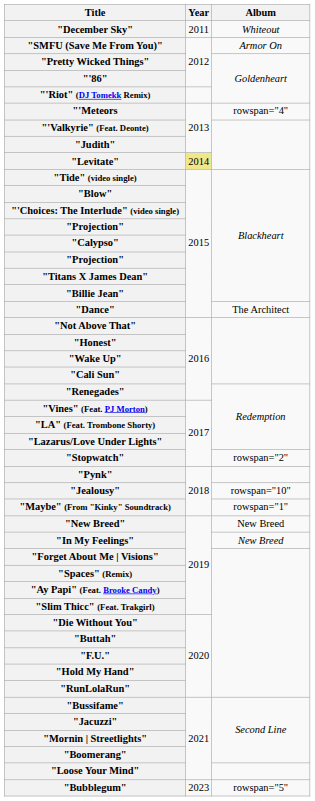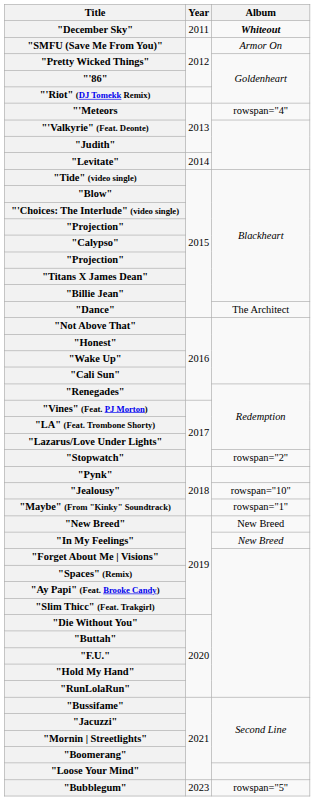 <table class="wikitable plainrowheaders" style="text-align:center;" border="1">
 <tr>
 <th scope="col" style="width:17em;">Title</th>
 <th scope="col">Year</th>
 <th scope="col" style="width:9em;">Album</th>
 </tr>
 <tr>
 <th scope="row">"December Sky"</th>
 <td rowspan="1">2011</td>
-<td><em>Whiteout</em></td>
+<td><strong><em>Whiteout</em></strong></td>
 </tr>
 <tr>
 <th scope="row">"SMFU (Save Me From You)"</th>
 <td rowspan="3">2012</td>
 <td><em>Armor On</em></td>
 </tr>
 <tr>
 <th scope="row">"Pretty Wicked Things"</th>
 <td rowspan="3"><em>Goldenheart</em></td>
 </tr>
 <tr>
 <th scope="row">"'86"</th>
 </tr>
 <tr>
 <th scope="row">"'Riot" <small>(<a href='#'>DJ Tomekk</a> Remix)</small></th>
 </tr>
 <tr>
 <th scope="row">"'Meteors</th>
 <td rowspan="3">2013</td>
 <td>rowspan="4" </td>
 </tr>
 <tr>
 <th scope="row">"'Valkyrie" <small>(Feat. Deonte)</small></th>
 </tr>
 <tr>
 <th scope="row">"Judith"</th>
 </tr>
 <tr>
 <th scope="row">"Levitate"</th>
-<td style="background: khaki;">2014</td>
+<td>2014</td>
 </tr>
 <tr>
 <th scope="row">"Tide" <small>(video single)</small></th>
 <td rowspan="9">2015</td>
 <td rowspan="8"><em>Blackheart</em></td>
 </tr>
 <tr>
 <th scope="row">"Blow"</th>
 </tr>
 <tr>
 <th scope="row">"'Choices: The Interlude" <small>(video single)</small></th>
 </tr>
 <tr>
 <th scope="row">"Projection"</th>
 </tr>
 <tr>
 <th scope="row">"Calypso"</th>
 </tr>
 <tr>
 <th scope="row">"Projection"</th>
 </tr>
 <tr>
 <th scope="row">"Titans X James Dean"</th>
 </tr>
 <tr>
 <th scope="row">"Billie Jean"</th>
 </tr>
 <tr>
 <th scope="row">"Dance"</th>
 <td>The Architect</td>
 </tr>
 <tr>
 <th scope="row">"Not Above That"</th>
 <td rowspan="5">2016</td>
 </tr>
 <tr>
 <th scope="row">"Honest"</th>
 </tr>
 <tr>
 <th scope="row">"Wake Up"</th>
 </tr>
 <tr>
 <th scope="row">"Cali Sun"</th>
 </tr>
 <tr>
 <th scope="row">"Renegades"</th>
 <td rowspan="4"><em>Redemption</em></td>
 </tr>
 <tr>
 <th scope="row">"Vines" <small>(Feat. <a href='#'>PJ Morton</a>)</small></th>
 <td rowspan="4">2017</td>
 </tr>
 <tr>
 <th scope="row">"LA" <small>(Feat. Trombone Shorty)</small></th>
 </tr>
 <tr>
 <th scope="row">"Lazarus/Love Under Lights"</th>
 </tr>
 <tr>
 <th scope="row">"Stopwatch"</th>
 <td>rowspan="2" </td>
 </tr>
 <tr>
 <th scope="row">"Pynk"</th>
 <td rowspan="3">2018</td>
 </tr>
 <tr>
 <th scope="row">"Jealousy"</th>
 <td>rowspan="10" </td>
 </tr>
 <tr>
 <th scope="row">"Maybe" <small>(From "Kinky" Soundtrack)</small></th>
 <td>rowspan="1" </td>
 </tr>
 <tr>
 <th scope="row">"New Breed"</th>
 <td rowspan="6">2019</td>
 <td rowspan="1">New Breed</td>
 </tr>
 <tr>
 <th scope="row">"In My Feelings"</th>
 <td rowspan="1"><em>New Breed</em></td>
 </tr>
 <tr>
 <th scope="row">"Forget About Me | Visions"</th>
 </tr>
 <tr>
 <th scope="row">"Spaces" <small>(Remix)</small></th>
 </tr>
 <tr>
 <th scope="row">"Ay Papi" <small>(Feat. <a href='#'>Brooke Candy</a>)</small></th>
 </tr>
 <tr>
 <th scope="row">"Slim Thicc" <small>(Feat. Trakgirl)</small></th>
 </tr>
 <tr>
 <th scope="row">"Die Without You"</th>
 <td rowspan="5">2020</td>
 </tr>
 <tr>
 <th scope="row">"Buttah"</th>
 </tr>
 <tr>
 <th scope="row">"F.U."</th>
 </tr>
 <tr>
 <th scope="row">"Hold My Hand"</th>
 </tr>
 <tr>
 <th scope="row">"RunLolaRun"</th>
 </tr>
 <tr>
 <th scope="row">"Bussifame"</th>
 <td rowspan="5">2021</td>
 <td rowspan="4"><em>Second Line</em></td>
 </tr>
 <tr>
 <th scope="row">"Jacuzzi"</th>
 </tr>
 <tr>
 <th scope="row">"Mornin | Streetlights"</th>
 </tr>
 <tr>
 <th scope="row">"Boomerang"</th>
 </tr>
 <tr>
 <th scope="row">"Loose Your Mind"</th>
 <td></td>
 </tr>
 <tr>
 <th scope="row">"Bubblegum"</th>
 <td>2023</td>
 <td>rowspan="5" </td>
 </tr>
 </table>
